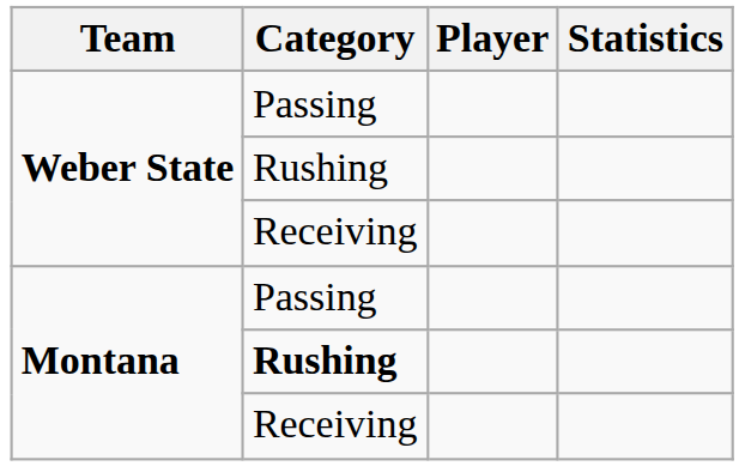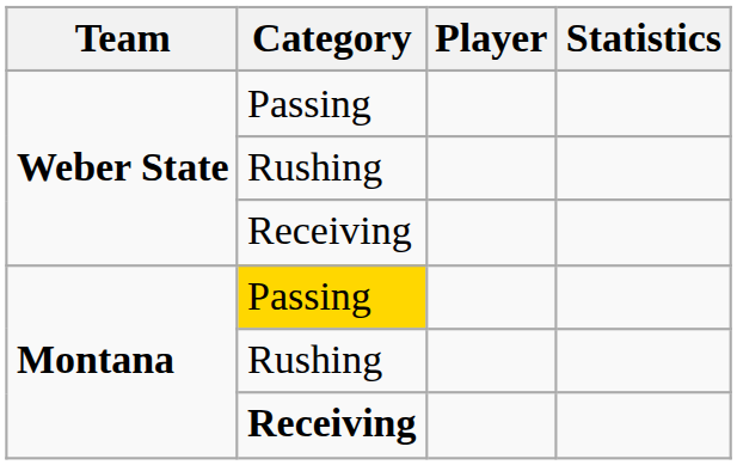 <table class="wikitable" style="float: right;">
 <tr>
 <th>Team</th>
 <th>Category</th>
 <th>Player</th>
 <th>Statistics</th>
 </tr>
 <tr>
 <td rowspan=3><strong>Weber State</strong></td>
 <td>Passing</td>
 <td></td>
 <td></td>
 </tr>
 <tr>
 <td>Rushing</td>
 <td></td>
 <td></td>
 </tr>
 <tr>
 <td>Receiving</td>
 <td></td>
 <td></td>
 </tr>
 <tr>
 <td rowspan=3><strong>Montana</strong></td>
-<td>Passing</td>
+<td style="background: gold;">Passing</td>
 <td></td>
 <td></td>
 </tr>
 <tr>
-<td><strong>Rushing</strong></td>
+<td>Rushing</td>
 <td></td>
 <td></td>
 </tr>
 <tr>
-<td>Receiving</td>
+<td><strong>Receiving</strong></td>
 <td></td>
 <td></td>
 </tr>
 </table>
